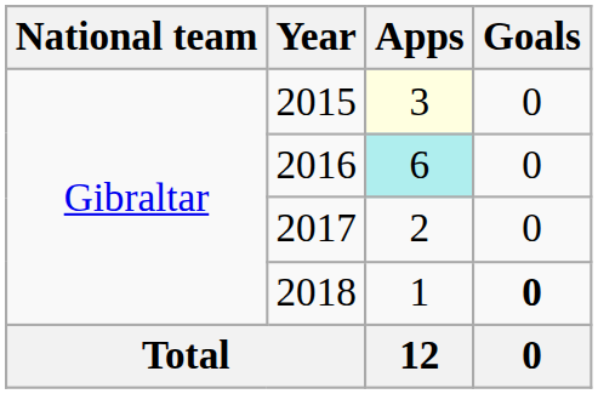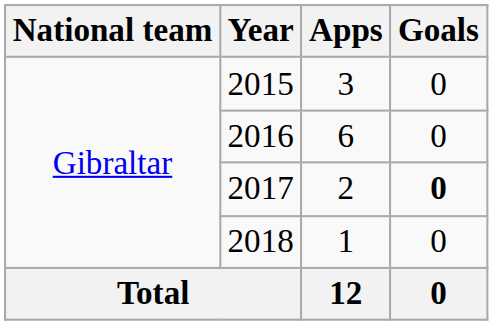 <table class="wikitable" style="text-align:center">
 <tr>
 <th>National team</th>
 <th>Year</th>
 <th>Apps</th>
 <th>Goals</th>
 </tr>
 <tr>
 <td rowspan="4"><a href='#'>Gibraltar</a></td>
 <td>2015</td>
-<td style="background: lightyellow;">3</td>
+<td>3</td>
 <td>0</td>
 </tr>
 <tr>
 <td>2016</td>
-<td style="background: paleturquoise;">6</td>
+<td>6</td>
 <td>0</td>
 </tr>
 <tr>
 <td>2017</td>
 <td>2</td>
-<td>0</td>
+<td><strong>0</strong></td>
 </tr>
 <tr>
 <td>2018</td>
 <td>1</td>
-<td><strong>0</strong></td>
+<td>0</td>
 </tr>
 <tr>
 <th colspan="2">Total</th>
 <th>12</th>
 <th>0</th>
 </tr>
 </table>
